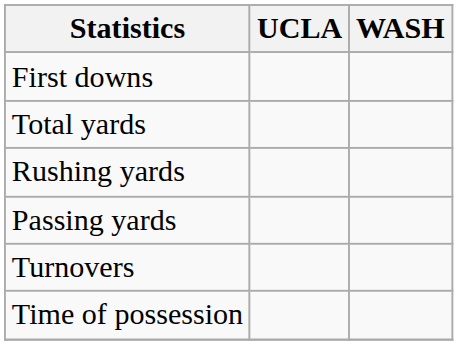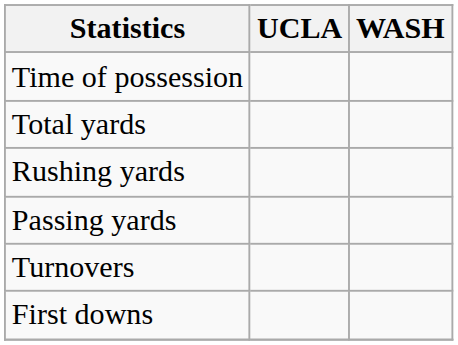 <table class="wikitable" style="float: left;">
 <tr>
 <th>Statistics</th>
 <th>UCLA</th>
 <th>WASH</th>
 </tr>
 <tr>
-<td>First downs</td>
+<td>Time of possession</td>
 <td></td>
 <td></td>
 </tr>
 <tr>
 <td>Total yards</td>
 <td></td>
 <td></td>
 </tr>
 <tr>
 <td>Rushing yards</td>
 <td></td>
 <td></td>
 </tr>
 <tr>
 <td>Passing yards</td>
 <td></td>
 <td></td>
 </tr>
 <tr>
 <td>Turnovers</td>
 <td></td>
 <td></td>
 </tr>
 <tr>
-<td>Time of possession</td>
+<td>First downs</td>
 <td></td>
 <td></td>
 </tr>
 <tr>
 </tr>
 </table>
